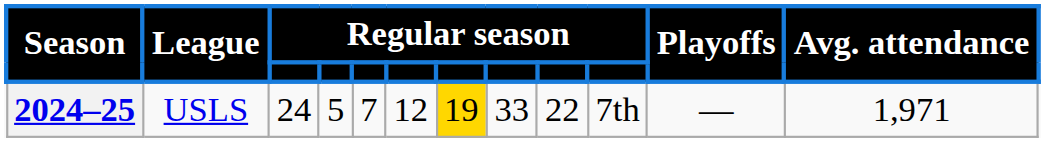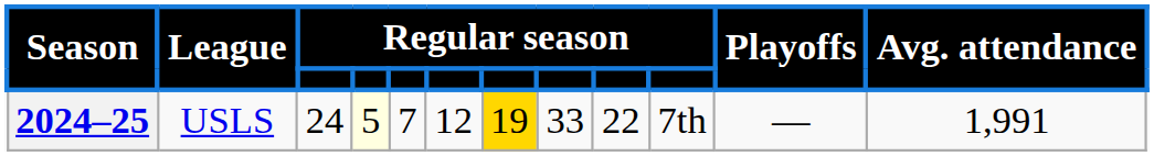 <table class="wikitable" style="text-align: center;">
 <tr>
 <th rowspan=2 style="background:#000000; color:#FFFFFF; border:2px solid #187cdc;" scope=col>Season</th>
 <th rowspan=2 style="background:#000000; color:#FFFFFF; border:2px solid #187cdc;" scope=col>League</th>
 <th colspan=8 style="background:#000000; color:#FFFFFF; border:2px solid #187cdc;">Regular season</th>
 <th rowspan=2 style="background:#000000; color:#FFFFFF; border:2px solid #187cdc;" scope=col>Playoffs</th>
 <th rowspan=2 style="background:#000000; color:#FFFFFF; border:2px solid #187cdc;">Avg. attendance</th>
 </tr>
 <tr>
 <th style="background:#000000; color:#FFFFFF; border:2px solid #187cdc;" scope=col></th>
 <th style="background:#000000; color:#FFFFFF; border:2px solid #187cdc;" scope=col></th>
 <th style="background:#000000; color:#FFFFFF; border:2px solid #187cdc;" scope=col></th>
 <th style="background:#000000; color:#FFFFFF; border:2px solid #187cdc;" scope=col></th>
 <th style="background:#000000; color:#FFFFFF; border:2px solid #187cdc;" scope=col></th>
 <th style="background:#000000; color:#FFFFFF; border:2px solid #187cdc;" scope=col></th>
 <th style="background:#000000; color:#FFFFFF; border:2px solid #187cdc;" scope=col></th>
 <th style="background:#000000; color:#FFFFFF; border:2px solid #187cdc;" scope=col></th>
 </tr>
 <tr>
 <th><a href='#'>2024–25</a></th>
 <td><a href='#'>USLS</a></td>
 <td>24</td>
-<td>5</td>
+<td style="background: lightyellow;">5</td>
 <td>7</td>
 <td>12</td>
 <td style="background: gold;">19</td>
 <td>33</td>
 <td>22</td>
 <td>7th</td>
 <td>—</td>
-<td>1,971</td>
+<td>1,991</td>
 </tr>
 </table>
